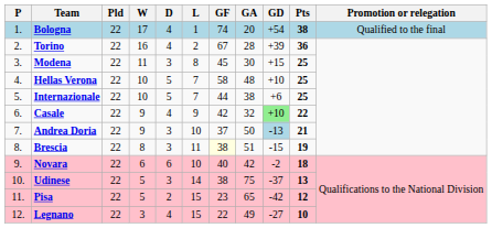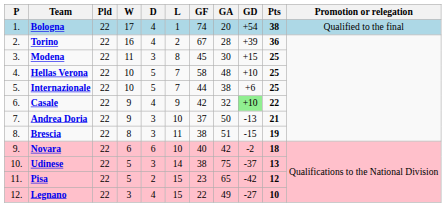 <table class="wikitable sortable" style="text-align: center;">
 <tr>
 <th width=33>P<br></th>
 <th>Team<br></th>
 <th width=33>Pld<br></th>
 <th width=33>W<br></th>
 <th width=33>D<br></th>
 <th width=33>L<br></th>
 <th width=33>GF<br></th>
 <th width=33>GA<br></th>
 <th width=33>GD<br></th>
 <th width=33>Pts<br></th>
 <th class="unsortable" width=250>Promotion or relegation<br></th>
 </tr>
 <tr style="background: lightblue;">
 <td>1.</td>
 <td align="left"><strong><a href='#'>Bologna</a></strong></td>
 <td>22</td>
 <td>17</td>
 <td>4</td>
 <td>1</td>
 <td>74</td>
 <td>20</td>
 <td>+54</td>
 <td><strong>38</strong></td>
 <td>Qualified to the final</td>
 </tr>
 <tr>
 <td>2.</td>
 <td align="left"><strong><a href='#'>Torino</a></strong></td>
 <td>22</td>
 <td>16</td>
 <td>4</td>
 <td>2</td>
 <td>67</td>
 <td>28</td>
 <td>+39</td>
 <td><strong>36</strong></td>
 <td rowspan="7"></td>
 </tr>
 <tr>
 <td>3.</td>
 <td align="left"><strong><a href='#'>Modena</a></strong></td>
 <td>22</td>
 <td>11</td>
 <td>3</td>
 <td>8</td>
 <td>45</td>
 <td>30</td>
 <td>+15</td>
 <td><strong>25</strong></td>
 </tr>
 <tr>
 <td>4.</td>
 <td align="left"><strong><a href='#'>Hellas Verona</a></strong></td>
 <td>22</td>
 <td>10</td>
 <td>5</td>
 <td>7</td>
 <td>58</td>
 <td>48</td>
 <td>+10</td>
 <td><strong>25</strong></td>
 </tr>
 <tr>
 <td>5.</td>
 <td align="left"><strong><a href='#'>Internazionale</a></strong></td>
 <td>22</td>
 <td>10</td>
 <td>5</td>
 <td>7</td>
 <td>44</td>
 <td>38</td>
 <td>+6</td>
 <td><strong>25</strong></td>
 </tr>
 <tr>
 <td>6.</td>
 <td align="left"><strong><a href='#'>Casale</a></strong></td>
 <td>22</td>
 <td>9</td>
 <td>4</td>
 <td>9</td>
 <td>42</td>
 <td>32</td>
 <td style="background: lightgreen;">+10</td>
 <td><strong>22</strong></td>
 </tr>
 <tr>
 <td>7.</td>
 <td align="left"><strong><a href='#'>Andrea Doria</a></strong></td>
 <td>22</td>
 <td>9</td>
 <td>3</td>
 <td>10</td>
 <td>37</td>
 <td>50</td>
-<td style="background: lightblue;">-13</td>
+<td>-13</td>
 <td><strong>21</strong></td>
 </tr>
 <tr>
 <td>8.</td>
 <td align="left"><strong><a href='#'>Brescia</a></strong></td>
 <td>22</td>
 <td>8</td>
 <td>3</td>
 <td>11</td>
-<td style="background: lightyellow;">38</td>
+<td>38</td>
 <td>51</td>
 <td>-15</td>
 <td><strong>19</strong></td>
 </tr>
 <tr style="background: pink;">
 <td>9.</td>
 <td align="left"><strong><a href='#'>Novara</a></strong></td>
 <td>22</td>
 <td>6</td>
 <td>6</td>
 <td>10</td>
 <td>40</td>
 <td>42</td>
 <td>-2</td>
 <td><strong>18</strong></td>
 <td rowspan="4">Qualifications to the National Division</td>
 </tr>
 <tr style="background: pink;">
 <td>10.</td>
 <td align="left"><strong><a href='#'>Udinese</a></strong></td>
 <td>22</td>
 <td>5</td>
 <td>3</td>
 <td>14</td>
 <td>38</td>
 <td>75</td>
 <td>-37</td>
 <td><strong>13</strong></td>
 </tr>
 <tr style="background: pink;">
 <td>11.</td>
 <td align="left"><strong><a href='#'>Pisa</a></strong></td>
 <td>22</td>
 <td>5</td>
 <td>2</td>
 <td>15</td>
 <td>23</td>
 <td>65</td>
 <td>-42</td>
 <td><strong>12</strong></td>
 </tr>
 <tr style="background: pink;">
 <td>12.</td>
 <td align="left"><strong><a href='#'>Legnano</a></strong></td>
 <td>22</td>
 <td>3</td>
 <td>4</td>
 <td>15</td>
 <td>22</td>
 <td>49</td>
 <td>-27</td>
 <td><strong>10</strong></td>
 </tr>
 </table>
